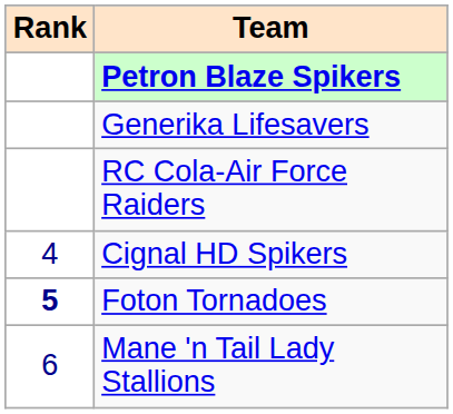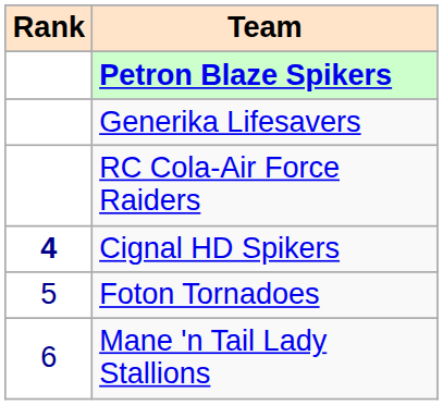 <table class="wikitable" style="text-align: center;">
 <tr>
 <th width=40 style="background:#FFE4C9; color:black;">Rank</th>
 <th width=180 style="background:#FFE4C9; color:black;">Team</th>
 </tr>
 <tr bgcolor=#ccffcc>
 <td style="background:white; color:#00008B;"></td>
 <td style="text-align:left;"><strong><a href='#'>Petron Blaze Spikers</a></strong></td>
 </tr>
 <tr>
 <td style="background:white; color:#00008B;"></td>
 <td style="text-align:left;"><a href='#'>Generika Lifesavers</a></td>
 </tr>
 <tr>
 <td style="background:white; color:#00008B;"></td>
 <td style="text-align:left;"><a href='#'>RC Cola-Air Force Raiders</a></td>
 </tr>
 <tr>
-<td style="background:white; color:#00008B;">4</td>
+<td style="background:white; color:#00008B;"><strong>4</strong></td>
 <td style="text-align:left;"><a href='#'>Cignal HD Spikers</a></td>
 </tr>
 <tr>
-<td style="background:white; color:#00008B;"><strong>5</strong></td>
+<td style="background:white; color:#00008B;">5</td>
 <td style="text-align:left;"><a href='#'>Foton Tornadoes</a></td>
 </tr>
 <tr>
 <td style="background:white; color:#00008B;">6</td>
 <td style="text-align:left;"><a href='#'>Mane 'n Tail Lady Stallions</a></td>
 </tr>
 </table>
